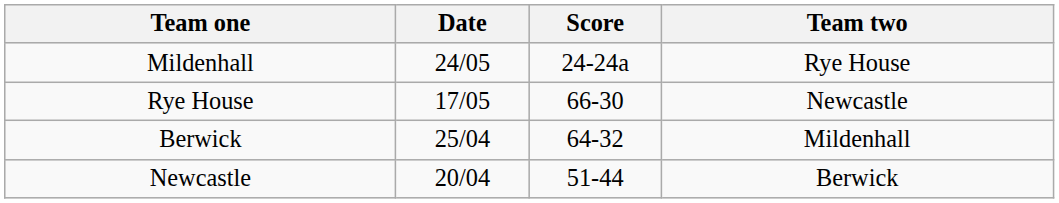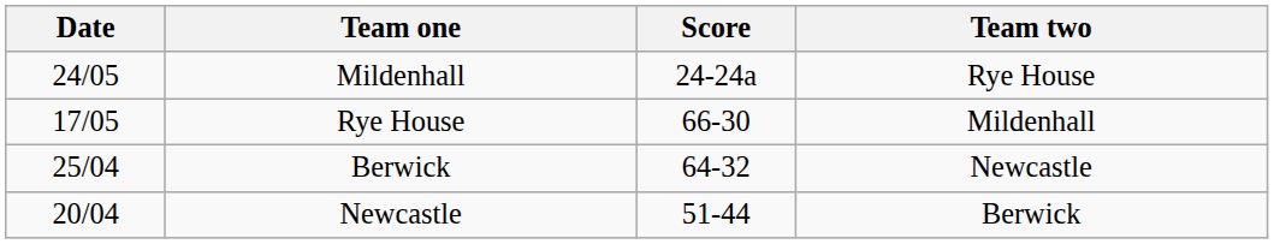 <table class="wikitable" style="text-align: center">
 <tr>
+<th width=80>Date</th>
 <th width=250>Team one</th>
-<th width=80>Date</th>
 <th width=80>Score</th>
 <th width=250>Team two</th>
 </tr>
 <tr>
+<td>24/05</td>
 <td>Mildenhall</td>
-<td>24/05</td>
 <td>24-24a</td>
 <td>Rye House</td>
 </tr>
 <tr>
+<td>17/05</td>
 <td>Rye House</td>
-<td>17/05</td>
 <td>66-30</td>
+<td>Mildenhall</td>
+</tr>
+<tr>
+<td>25/04</td>
+<td>Berwick</td>
+<td>64-32</td>
 <td>Newcastle</td>
 </tr>
 <tr>
-<td>Berwick</td>
-<td>25/04</td>
-<td>64-32</td>
-<td>Mildenhall</td>
-</tr>
-<tr>
+<td>20/04</td>
 <td>Newcastle</td>
-<td>20/04</td>
 <td>51-44</td>
 <td>Berwick</td>
 </tr>
 </table>
